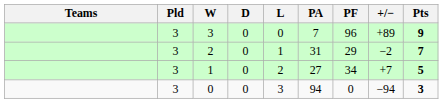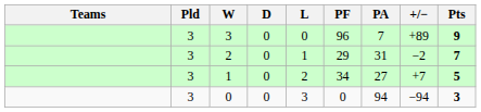 <table class="wikitable" style="text-align: center;">
 <tr>
 <th width="200">Teams</th>
 <th width="40">Pld</th>
 <th width="40">W</th>
 <th width="40">D</th>
 <th width="40">L</th>
+<th width="40">PF</th>
 <th width="40">PA</th>
-<th width="40">PF</th>
 <th width="40">+/−</th>
 <th width="40">Pts</th>
 </tr>
 <tr style="background:#cfc; width:20px;">
 <td align=left></td>
 <td>3</td>
 <td>3</td>
 <td>0</td>
 <td>0</td>
+<td>96</td>
 <td>7</td>
-<td>96</td>
 <td>+89</td>
 <td><strong>9</strong></td>
 </tr>
 <tr style="background:#cfc; width:20px;">
 <td align=left></td>
 <td>3</td>
 <td>2</td>
 <td>0</td>
 <td>1</td>
+<td>29</td>
 <td>31</td>
-<td>29</td>
 <td>−2</td>
 <td><strong>7</strong></td>
 </tr>
 <tr style="background:#cfc; width:20px;">
 <td align=left></td>
 <td>3</td>
 <td>1</td>
 <td>0</td>
 <td>2</td>
+<td>34</td>
 <td>27</td>
-<td>34</td>
 <td>+7</td>
 <td><strong>5</strong></td>
 </tr>
 <tr>
 <td align=left></td>
 <td>3</td>
 <td>0</td>
 <td>0</td>
 <td>3</td>
+<td>0</td>
 <td>94</td>
-<td>0</td>
 <td>−94</td>
 <td><strong>3</strong></td>
 </tr>
 </table>
